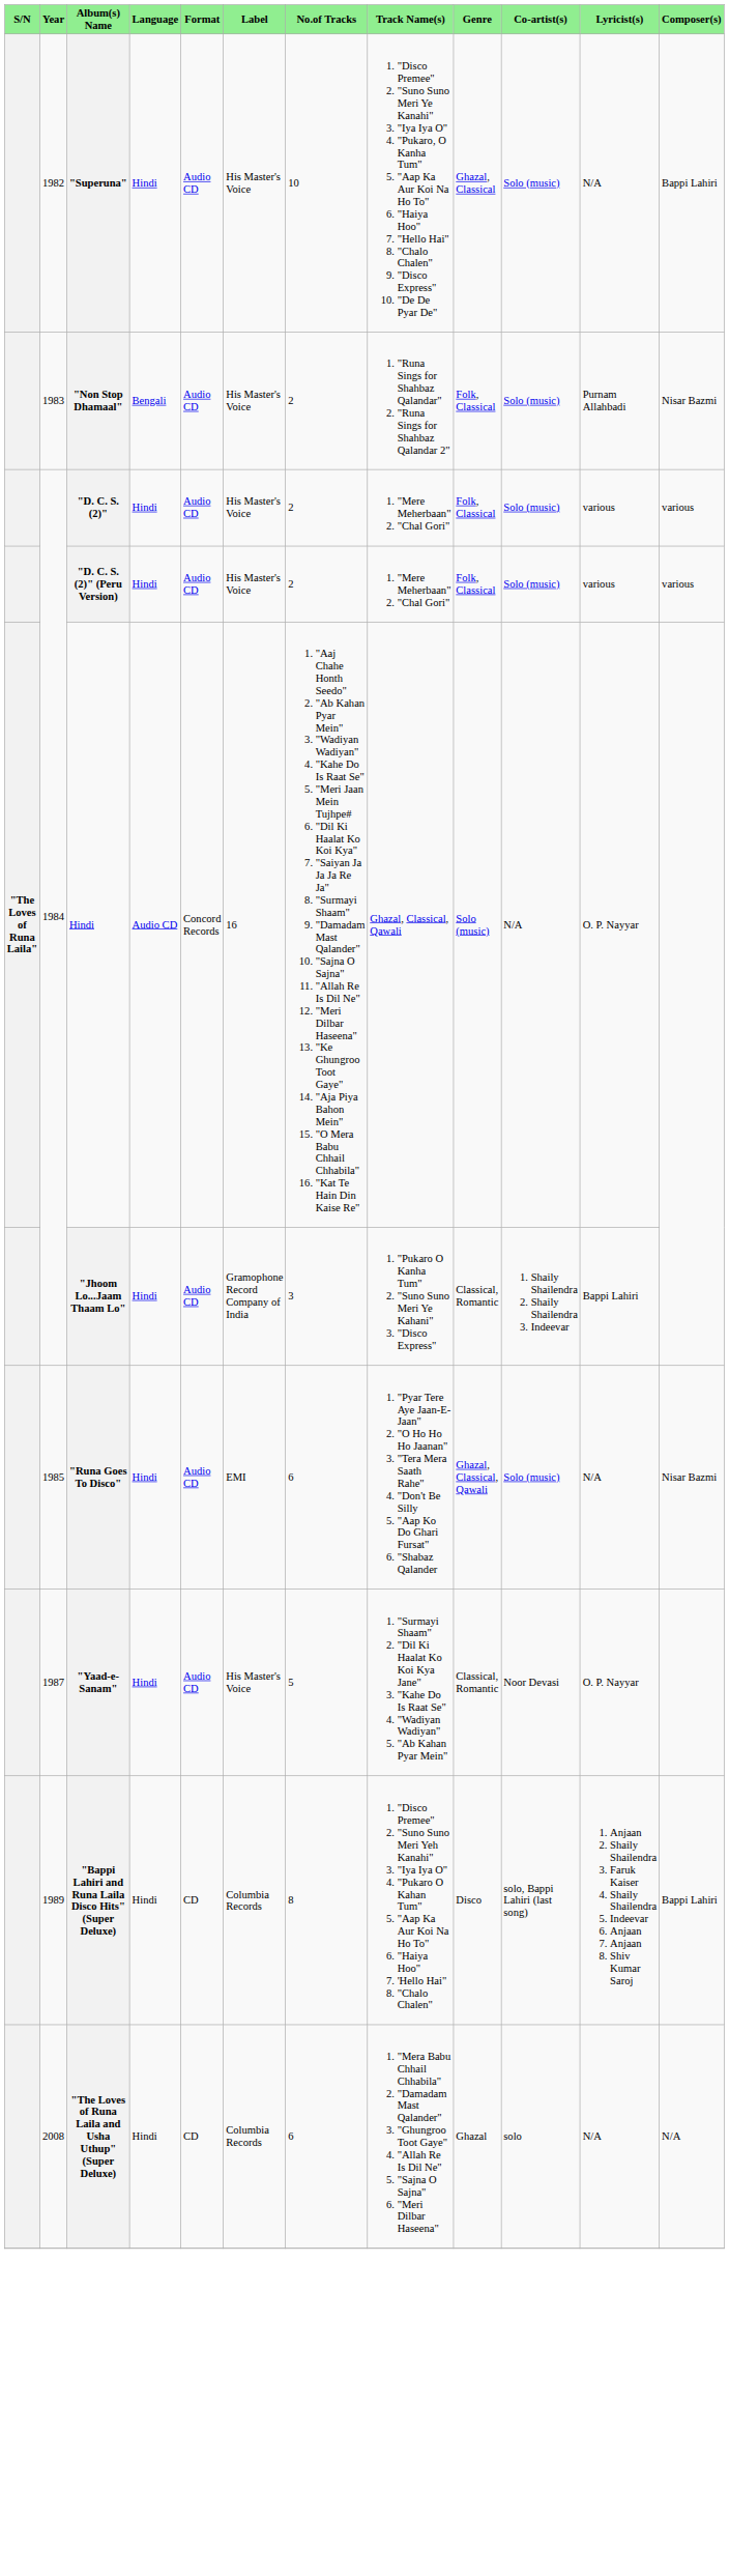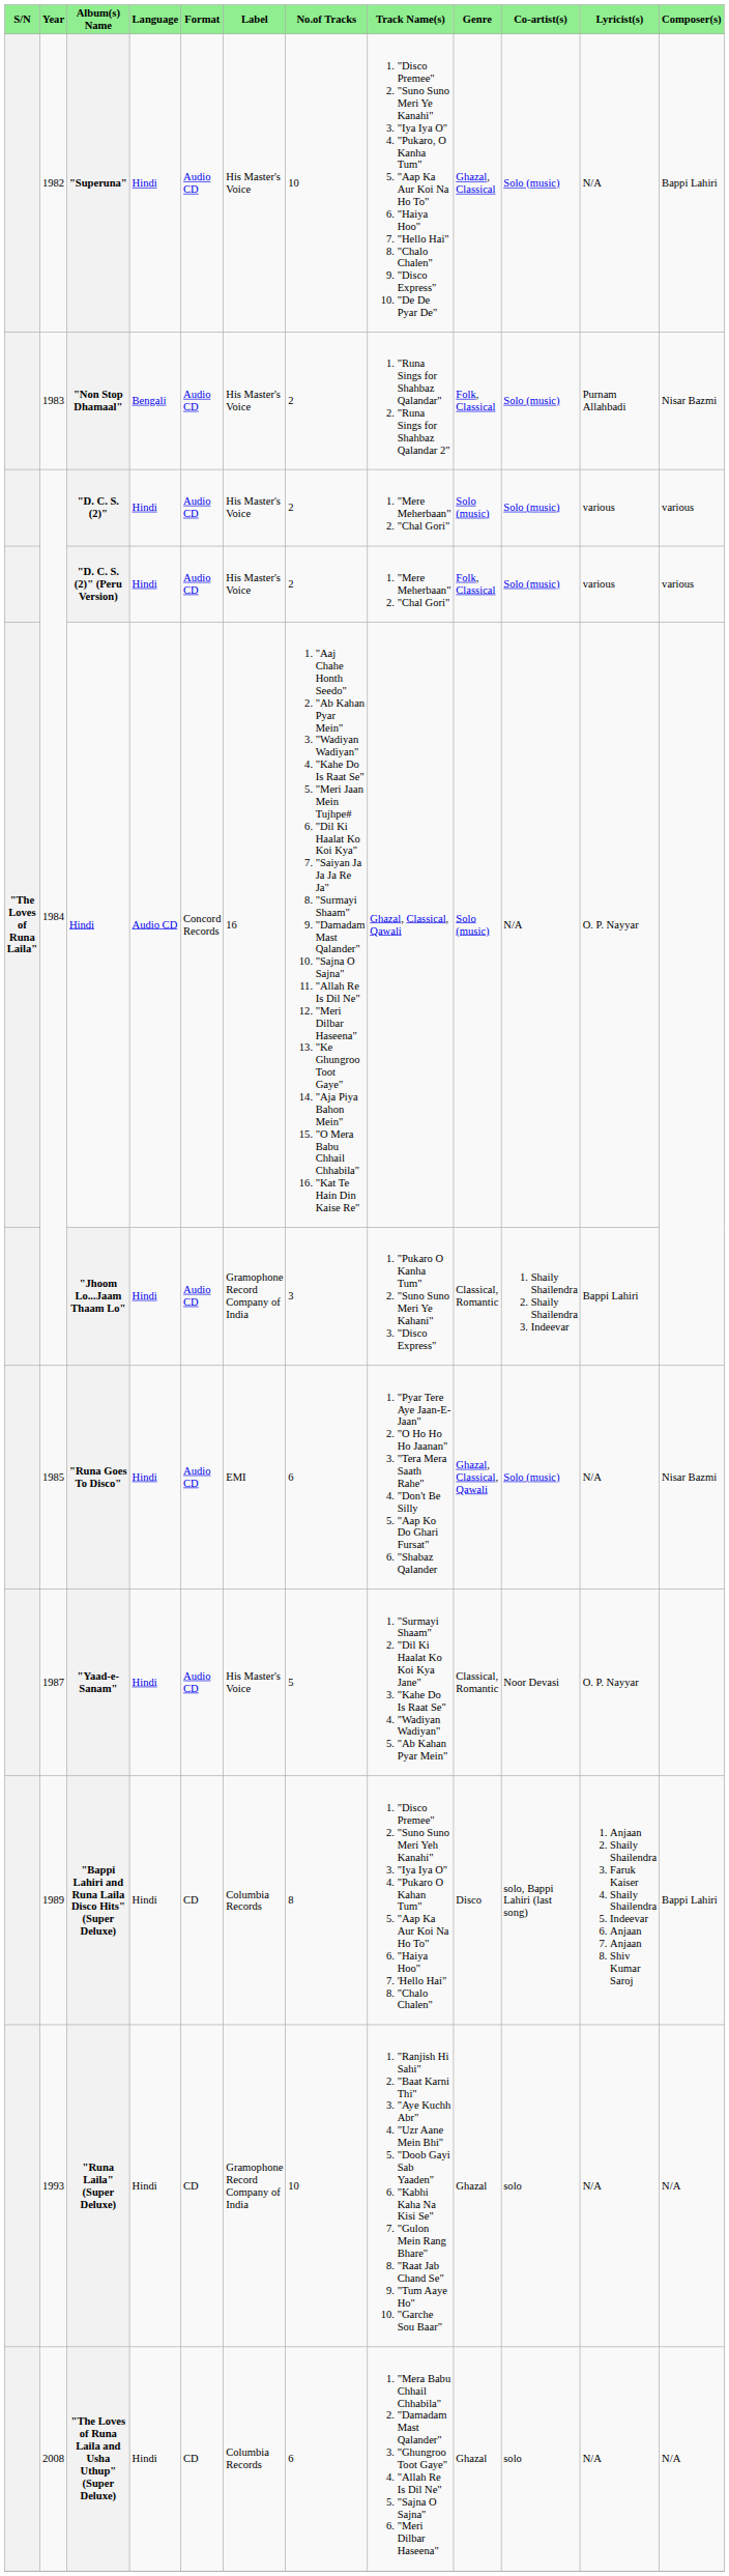 <table class="wikitable">
 <tr>
 <th style="background:lightgreen;">S/N</th>
 <th style="background:lightgreen;">Year</th>
 <th style="width:150pt;background:lightgreen;">Album(s) Name</th>
 <th style="background:lightgreen;">Language</th>
 <th style="background:lightgreen;">Format</th>
 <th style="background:lightgreen;">Label</th>
 <th style="background:lightgreen;">No.of Tracks</th>
 <th style="width:220pt; background:lightgreen;">Track Name(s)</th>
 <th style="background:lightgreen;">Genre</th>
 <th style="background:lightgreen;">Co-artist(s)</th>
 <th style="width:120pt; background:lightgreen;">Lyricist(s)</th>
 <th style="width:120pt; background:lightgreen;">Composer(s)</th>
 </tr>
 <tr>
 <th></th>
 <td rowspan=1>1982</td>
 <th><strong>"Superuna"</strong></th>
 <td><a href='#'>Hindi</a></td>
 <td><a href='#'>Audio CD</a></td>
 <td>His Master's Voice</td>
 <td>10</td>
 <td><br><ol><li>"Disco Premee"</li><li>"Suno Suno Meri Ye Kanahi"</li><li>"Iya Iya O"</li><li>"Pukaro, O Kanha Tum"</li><li>"Aap Ka Aur Koi Na Ho To"</li><li>"Haiya Hoo"</li><li>"Hello Hai"</li><li>"Chalo Chalen"</li><li>"Disco Express"</li><li>"De De Pyar De"</li></ol></td>
 <td><a href='#'>Ghazal</a>, <a href='#'>Classical</a></td>
 <td><a href='#'>Solo (music)</a></td>
 <td>N/A</td>
 <td>Bappi Lahiri</td>
 </tr>
 <tr>
 <th></th>
 <td rowspan=1>1983</td>
 <th><strong>"Non Stop Dhamaal"</strong></th>
 <td><a href='#'>Bengali</a></td>
 <td><a href='#'>Audio CD</a></td>
 <td>His Master's Voice</td>
 <td>2</td>
 <td><br><ol><li>"Runa Sings for Shahbaz Qalandar"</li><li>"Runa Sings for Shahbaz Qalandar 2"</li></ol></td>
 <td><a href='#'>Folk</a>, <a href='#'>Classical</a></td>
 <td><a href='#'>Solo (music)</a></td>
 <td>Purnam Allahbadi</td>
 <td>Nisar Bazmi</td>
 </tr>
 <tr>
 <th></th>
 <td rowspan=4>1984</td>
 <th><strong>"D. C. S. (2)"</strong></th>
 <td><a href='#'>Hindi</a></td>
 <td><a href='#'>Audio CD</a></td>
 <td>His Master's Voice</td>
 <td>2</td>
 <td><br><ol><li>"Mere Meherbaan"</li><li>"Chal Gori"</li></ol></td>
-<td><a href='#'>Folk</a>, <a href='#'>Classical</a></td>
+<td><a href='#'>Solo (music)</a></td>
 <td><a href='#'>Solo (music)</a></td>
 <td>various</td>
 <td>various</td>
 </tr>
 <tr>
 <th></th>
 <th><strong>"D. C. S. (2)"</strong> (Peru Version)</th>
 <td><a href='#'>Hindi</a></td>
 <td><a href='#'>Audio CD</a></td>
 <td>His Master's Voice</td>
 <td>2</td>
 <td><br><ol><li>"Mere Meherbaan"</li><li>"Chal Gori"</li></ol></td>
 <td><a href='#'>Folk</a>, <a href='#'>Classical</a></td>
 <td><a href='#'>Solo (music)</a></td>
 <td>various</td>
 <td>various</td>
 </tr>
 <tr>
 <th><strong>"The Loves of Runa Laila"</strong></th>
 <td><a href='#'>Hindi</a></td>
 <td><a href='#'>Audio CD</a></td>
 <td>Concord Records</td>
 <td>16</td>
 <td><br><ol><li>"Aaj Chahe Honth Seedo"</li><li>"Ab Kahan Pyar Mein"</li><li>"Wadiyan Wadiyan"</li><li>"Kahe Do Is Raat Se"</li><li>"Meri Jaan Mein Tujhpe#</li><li>"Dil Ki Haalat Ko Koi Kya"</li><li>"Saiyan Ja Ja Ja Re Ja"</li><li>"Surmayi Shaam"</li><li>"Damadam Mast Qalander"</li><li>"Sajna O Sajna"</li><li>"Allah Re Is Dil Ne"</li><li>"Meri Dilbar Haseena"</li><li>"Ke Ghungroo Toot Gaye"</li><li>"Aja Piya Bahon Mein"</li><li>"O Mera Babu Chhail Chhabila"</li><li>"Kat Te Hain Din Kaise Re"</li></ol></td>
 <td><a href='#'>Ghazal</a>, <a href='#'>Classical</a>, <a href='#'>Qawali</a></td>
 <td><a href='#'>Solo (music)</a></td>
 <td>N/A</td>
 <td>O. P. Nayyar</td>
 </tr>
 <tr>
 <th></th>
 <th><strong>"Jhoom Lo...Jaam Thaam Lo"</strong></th>
 <td><a href='#'>Hindi</a></td>
 <td><a href='#'>Audio CD</a></td>
 <td>Gramophone Record Company of India</td>
 <td>3</td>
 <td><br><ol><li>"Pukaro O Kanha Tum"</li><li>"Suno Suno Meri Ye Kahani"</li><li>"Disco Express"</li></ol></td>
 <td>Classical, Romantic</td>
 <td><br><ol><li>Shaily Shailendra</li><li>Shaily Shailendra</li><li>Indeevar</li></ol></td>
 <td>Bappi Lahiri</td>
 </tr>
 <tr>
 <th></th>
 <td>1985</td>
 <th><strong>"Runa Goes To Disco"</strong></th>
 <td><a href='#'>Hindi</a></td>
 <td><a href='#'>Audio CD</a></td>
 <td>EMI</td>
 <td>6</td>
 <td><br><ol><li>"Pyar Tere Aye Jaan-E-Jaan"</li><li>"O Ho Ho Ho Jaanan"</li><li>"Tera Mera Saath Rahe"</li><li>"Don't Be Silly</li><li>"Aap Ko Do Ghari Fursat"</li><li>"Shabaz Qalander</li></ol></td>
 <td><a href='#'>Ghazal</a>, <a href='#'>Classical</a>, <a href='#'>Qawali</a></td>
 <td><a href='#'>Solo (music)</a></td>
 <td>N/A</td>
 <td>Nisar Bazmi</td>
 </tr>
 <tr>
 <th></th>
 <td>1987</td>
 <th><strong>"Yaad-e-Sanam"</strong></th>
 <td><a href='#'>Hindi</a></td>
 <td><a href='#'>Audio CD</a></td>
 <td>His Master's Voice</td>
 <td>5</td>
 <td><br><ol><li>"Surmayi Shaam"</li><li>"Dil Ki Haalat Ko Koi Kya Jane"</li><li>"Kahe Do Is Raat Se"</li><li>"Wadiyan Wadiyan"</li><li>"Ab Kahan Pyar Mein"</li></ol></td>
 <td>Classical, Romantic</td>
 <td>Noor Devasi</td>
 <td>O. P. Nayyar</td>
 </tr>
 <tr>
 <th></th>
 <td>1989</td>
 <th><strong>"Bappi Lahiri and Runa Laila Disco Hits"</strong> (Super Deluxe)</th>
 <td>Hindi</td>
 <td>CD</td>
 <td>Columbia Records</td>
 <td>8</td>
 <td><br><ol><li>"Disco Premee"</li><li>"Suno Suno Meri Yeh Kanahi"</li><li>"Iya Iya O"</li><li>"Pukaro O Kahan Tum"</li><li>"Aap Ka Aur Koi Na Ho To"</li><li>"Haiya Hoo"</li><li>'Hello Hai"</li><li>"Chalo Chalen"</li></ol></td>
 <td>Disco</td>
 <td>solo, Bappi Lahiri (last song)</td>
 <td><br><ol><li>Anjaan</li><li>Shaily Shailendra</li><li>Faruk Kaiser</li><li>Shaily Shailendra</li><li>Indeevar</li><li>Anjaan</li><li>Anjaan</li><li>Shiv Kumar Saroj</li></ol></td>
 <td>Bappi Lahiri</td>
 </tr>
 <tr>
 <th></th>
+<td>1993</td>
+<th><strong>"Runa Laila"</strong> (Super Deluxe)</th>
+<td>Hindi</td>
+<td>CD</td>
+<td>Gramophone Record Company of India</td>
+<td>10</td>
+<td><br><ol><li>"Ranjish Hi Sahi"</li><li>"Baat Karni Thi"</li><li>"Aye Kuchh Abr"</li><li>"Uzr Aane Mein Bhi"</li><li>"Doob Gayi Sab Yaaden"</li><li>"Kabhi Kaha Na Kisi Se"</li><li>"Gulon Mein Rang Bhare"</li><li>"Raat Jab Chand Se"</li><li>"Tum Aaye Ho"</li><li>"Garche Sou Baar"</li></ol></td>
+<td>Ghazal</td>
+<td>solo</td>
+<td>N/A</td>
+<td>N/A</td>
+</tr>
+<tr>
+<th></th>
 <td>2008</td>
 <th><strong>"The Loves of Runa Laila and Usha Uthup"</strong> (Super Deluxe)</th>
 <td>Hindi</td>
 <td>CD</td>
 <td>Columbia Records</td>
 <td>6</td>
 <td><br><ol><li>"Mera Babu Chhail Chhabila"</li><li>"Damadam Mast Qalander"</li><li>"Ghungroo Toot Gaye"</li><li>"Allah Re Is Dil Ne"</li><li>"Sajna O Sajna"</li><li>"Meri Dilbar Haseena"</li></ol></td>
 <td>Ghazal</td>
 <td>solo</td>
 <td>N/A</td>
 <td>N/A</td>
 </tr>
 <tr>
 </tr>
 </table>
